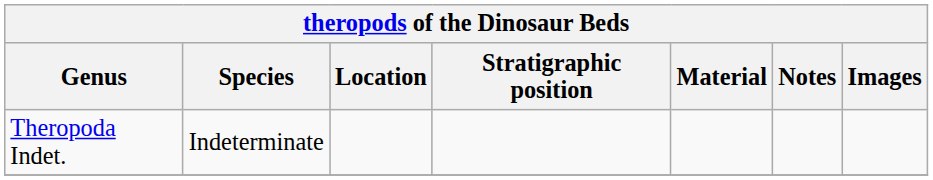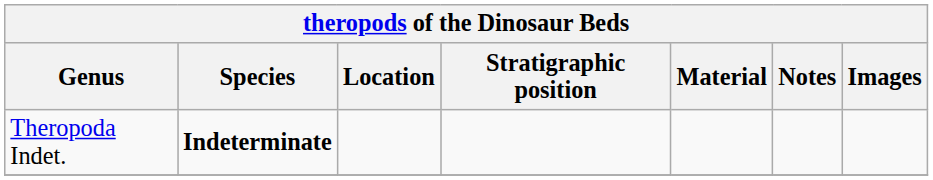 <table class="wikitable" align="center">
 <tr>
 <th colspan="7" align="center"><a href='#'>theropods</a> of the Dinosaur Beds</th>
 </tr>
 <tr>
 <th>Genus</th>
 <th>Species</th>
 <th>Location</th>
 <th>Stratigraphic position</th>
 <th>Material</th>
 <th>Notes</th>
 <th>Images</th>
 </tr>
 <tr>
 <td><a href='#'>Theropoda</a> Indet.</td>
-<td>Indeterminate</td>
+<td><strong>Indeterminate</strong></td>
 <td></td>
 <td></td>
 <td></td>
 <td></td>
 <td></td>
 </tr>
 <tr>
 </tr>
 </table>
